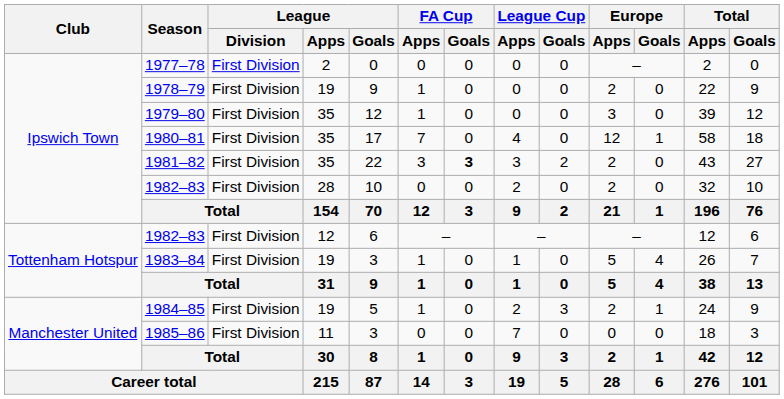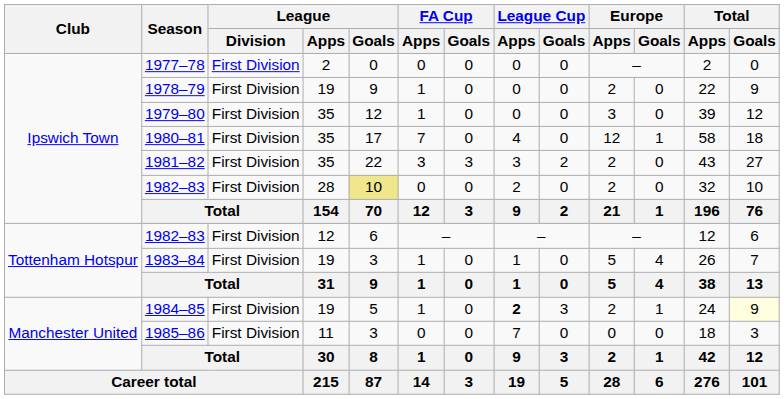 <table class="wikitable" style="text-align:center;">
 <tr>
 <th rowspan="2">Club</th>
 <th rowspan="2">Season</th>
 <th colspan="3">League</th>
 <th colspan="2"><a href='#'>FA Cup</a></th>
 <th colspan="2"><a href='#'>League Cup</a></th>
 <th colspan="2">Europe</th>
 <th colspan="2">Total</th>
 </tr>
 <tr>
 <th>Division</th>
 <th>Apps</th>
 <th>Goals</th>
 <th>Apps</th>
 <th>Goals</th>
 <th>Apps</th>
 <th>Goals</th>
 <th>Apps</th>
 <th>Goals</th>
 <th>Apps</th>
 <th>Goals</th>
 </tr>
 <tr>
 <td rowspan="7"><a href='#'>Ipswich Town</a></td>
 <td><a href='#'>1977–78</a></td>
 <td><a href='#'>First Division</a></td>
 <td>2</td>
 <td>0</td>
 <td>0</td>
 <td>0</td>
 <td>0</td>
 <td>0</td>
 <td colspan="2">–</td>
 <td>2</td>
 <td>0</td>
 </tr>
 <tr>
 <td><a href='#'>1978–79</a></td>
 <td>First Division</td>
 <td>19</td>
 <td>9</td>
 <td>1</td>
 <td>0</td>
 <td>0</td>
 <td>0</td>
 <td>2</td>
 <td>0</td>
 <td>22</td>
 <td>9</td>
 </tr>
 <tr>
 <td><a href='#'>1979–80</a></td>
 <td>First Division</td>
 <td>35</td>
 <td>12</td>
 <td>1</td>
 <td>0</td>
 <td>0</td>
 <td>0</td>
 <td>3</td>
 <td>0</td>
 <td>39</td>
 <td>12</td>
 </tr>
 <tr>
 <td><a href='#'>1980–81</a></td>
 <td>First Division</td>
 <td>35</td>
 <td>17</td>
 <td>7</td>
 <td>0</td>
 <td>4</td>
 <td>0</td>
 <td>12</td>
 <td>1</td>
 <td>58</td>
 <td>18</td>
 </tr>
 <tr>
 <td><a href='#'>1981–82</a></td>
 <td>First Division</td>
 <td>35</td>
 <td>22</td>
 <td>3</td>
-<td><strong>3</strong></td>
+<td>3</td>
 <td>3</td>
 <td>2</td>
 <td>2</td>
 <td>0</td>
 <td>43</td>
 <td>27</td>
 </tr>
 <tr>
 <td><a href='#'>1982–83</a></td>
 <td>First Division</td>
 <td>28</td>
-<td>10</td>
+<td style="background: khaki;">10</td>
 <td>0</td>
 <td>0</td>
 <td>2</td>
 <td>0</td>
 <td>2</td>
 <td>0</td>
 <td>32</td>
 <td>10</td>
 </tr>
 <tr>
 <th colspan="2">Total</th>
 <th>154</th>
 <th>70</th>
 <th>12</th>
 <th>3</th>
 <th>9</th>
 <th>2</th>
 <th>21</th>
 <th>1</th>
 <th>196</th>
 <th>76</th>
 </tr>
 <tr>
 <td rowspan="3"><a href='#'>Tottenham Hotspur</a></td>
 <td><a href='#'>1982–83</a></td>
 <td>First Division</td>
 <td>12</td>
 <td>6</td>
 <td colspan="2">–</td>
 <td colspan="2">–</td>
 <td colspan="2">–</td>
 <td>12</td>
 <td>6</td>
 </tr>
 <tr>
 <td><a href='#'>1983–84</a></td>
 <td>First Division</td>
 <td>19</td>
 <td>3</td>
 <td>1</td>
 <td>0</td>
 <td>1</td>
 <td>0</td>
 <td>5</td>
 <td>4</td>
 <td>26</td>
 <td>7</td>
 </tr>
 <tr>
 <th colspan="2">Total</th>
 <th>31</th>
 <th>9</th>
 <th>1</th>
 <th>0</th>
 <th>1</th>
 <th>0</th>
 <th>5</th>
 <th>4</th>
 <th>38</th>
 <th>13</th>
 </tr>
 <tr>
 <td rowspan="3"><a href='#'>Manchester United</a></td>
 <td><a href='#'>1984–85</a></td>
 <td>First Division</td>
 <td>19</td>
 <td>5</td>
 <td>1</td>
 <td>0</td>
-<td>2</td>
+<td><strong>2</strong></td>
 <td>3</td>
 <td>2</td>
 <td>1</td>
 <td>24</td>
-<td>9</td>
+<td style="background: lightyellow;">9</td>
 </tr>
 <tr>
 <td><a href='#'>1985–86</a></td>
 <td>First Division</td>
 <td>11</td>
 <td>3</td>
 <td>0</td>
 <td>0</td>
 <td>7</td>
 <td>0</td>
 <td>0</td>
 <td>0</td>
 <td>18</td>
 <td>3</td>
 </tr>
 <tr>
 <th colspan="2">Total</th>
 <th>30</th>
 <th>8</th>
 <th>1</th>
 <th>0</th>
 <th>9</th>
 <th>3</th>
 <th>2</th>
 <th>1</th>
 <th>42</th>
 <th>12</th>
 </tr>
 <tr>
 <th colspan="3">Career total</th>
 <th>215</th>
 <th>87</th>
 <th>14</th>
 <th>3</th>
 <th>19</th>
 <th>5</th>
 <th>28</th>
 <th>6</th>
 <th>276</th>
 <th>101</th>
 </tr>
 </table>
